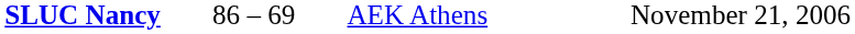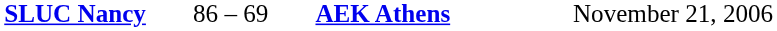 <table style="text-align:center">
 <tr>
 <th width=160></th>
 <th width=100></th>
 <th width=160></th>
 <th width=200></th>
 </tr>
 <tr>
 <td align=right><strong><a href='#'>SLUC Nancy</a></strong> </td>
 <td>86 – 69</td>
-<td align=left> <a href='#'>AEK Athens</a></td>
+<td align=left><strong> <a href='#'>AEK Athens</a></strong></td>
 <td align=left>November 21, 2006</td>
 </tr>
 </table>
